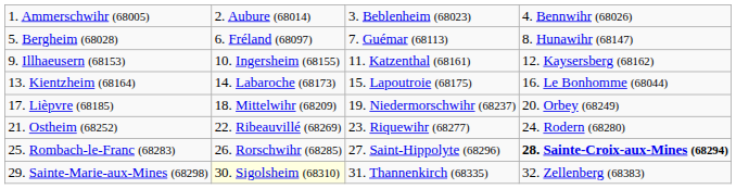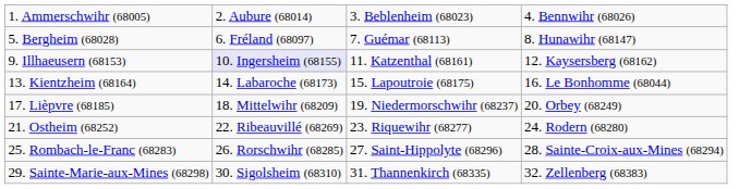 <table class="wikitable">
 <tr>
 <td>1. <a href='#'>Ammerschwihr</a> <small>(68005)</small></td>
 <td>2. <a href='#'>Aubure</a> <small>(68014)</small></td>
 <td>3. <a href='#'>Beblenheim</a> <small>(68023)</small></td>
 <td>4. <a href='#'>Bennwihr</a> <small>(68026)</small></td>
 </tr>
 <tr>
 <td>5. <a href='#'>Bergheim</a> <small>(68028)</small></td>
 <td>6. <a href='#'>Fréland</a> <small>(68097)</small></td>
 <td>7. <a href='#'>Guémar</a> <small>(68113)</small></td>
 <td>8. <a href='#'>Hunawihr</a> <small>(68147)</small></td>
 </tr>
 <tr>
 <td>9. <a href='#'>Illhaeusern</a> <small>(68153)</small></td>
-<td>10. <a href='#'>Ingersheim</a> <small>(68155)</small></td>
+<td style="background: lavender;">10. <a href='#'>Ingersheim</a> <small>(68155)</small></td>
 <td>11. <a href='#'>Katzenthal</a> <small>(68161)</small></td>
 <td>12. <a href='#'>Kaysersberg</a> <small>(68162)</small></td>
 </tr>
 <tr>
 <td>13. <a href='#'>Kientzheim</a> <small>(68164)</small></td>
 <td>14. <a href='#'>Labaroche</a> <small>(68173)</small></td>
 <td>15. <a href='#'>Lapoutroie</a> <small>(68175)</small></td>
 <td>16. <a href='#'>Le Bonhomme</a> <small>(68044)</small></td>
 </tr>
 <tr>
 <td>17. <a href='#'>Lièpvre</a> <small>(68185)</small></td>
 <td>18. <a href='#'>Mittelwihr</a> <small>(68209)</small></td>
 <td>19. <a href='#'>Niedermorschwihr</a> <small>(68237)</small></td>
 <td>20. <a href='#'>Orbey</a> <small>(68249)</small></td>
 </tr>
 <tr>
 <td>21. <a href='#'>Ostheim</a> <small>(68252)</small></td>
 <td>22. <a href='#'>Ribeauvillé</a> <small>(68269)</small></td>
 <td>23. <a href='#'>Riquewihr</a> <small>(68277)</small></td>
 <td>24. <a href='#'>Rodern</a> <small>(68280)</small></td>
 </tr>
 <tr>
 <td>25. <a href='#'>Rombach-le-Franc</a> <small>(68283)</small></td>
 <td>26. <a href='#'>Rorschwihr</a> <small>(68285)</small></td>
 <td>27. <a href='#'>Saint-Hippolyte</a> <small>(68296)</small></td>
-<td><strong>28. <a href='#'>Sainte-Croix-aux-Mines</a> <small>(68294)</small></strong></td>
+<td>28. <a href='#'>Sainte-Croix-aux-Mines</a> <small>(68294)</small></td>
 </tr>
 <tr>
 <td>29. <a href='#'>Sainte-Marie-aux-Mines</a> <small>(68298)</small></td>
-<td style="background: lightyellow;">30. <a href='#'>Sigolsheim</a> <small>(68310)</small></td>
+<td>30. <a href='#'>Sigolsheim</a> <small>(68310)</small></td>
 <td>31. <a href='#'>Thannenkirch</a> <small>(68335)</small></td>
 <td>32. <a href='#'>Zellenberg</a> <small>(68383)</small></td>
 </tr>
 </table>
